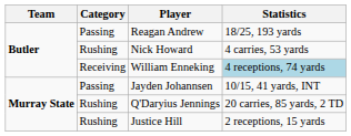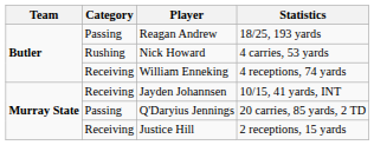 <table class="wikitable" style="float: right;">
 <tr>
 <th>Team</th>
 <th>Category</th>
 <th>Player</th>
 <th>Statistics</th>
 </tr>
 <tr>
 <td rowspan=3><strong>Butler</strong></td>
 <td>Passing</td>
 <td>Reagan Andrew</td>
 <td>18/25, 193 yards</td>
 </tr>
 <tr>
 <td>Rushing</td>
 <td>Nick Howard</td>
 <td>4 carries, 53 yards</td>
 </tr>
 <tr>
 <td>Receiving</td>
 <td>William Enneking</td>
-<td style="background: lightblue;">4 receptions, 74 yards</td>
+<td>4 receptions, 74 yards</td>
 </tr>
 <tr>
 <td rowspan=3><strong>Murray State</strong></td>
-<td>Passing</td>
+<td>Receiving</td>
 <td>Jayden Johannsen</td>
 <td>10/15, 41 yards, INT</td>
 </tr>
 <tr>
-<td>Rushing</td>
+<td>Passing</td>
 <td>Q'Daryius Jennings</td>
 <td>20 carries, 85 yards, 2 TD</td>
 </tr>
 <tr>
-<td>Rushing</td>
+<td>Receiving</td>
 <td>Justice Hill</td>
 <td>2 receptions, 15 yards</td>
 </tr>
 </table>
